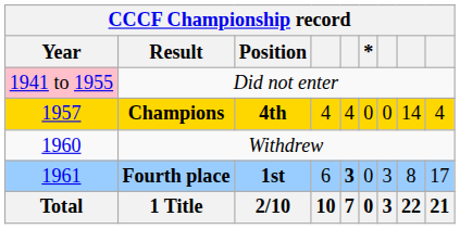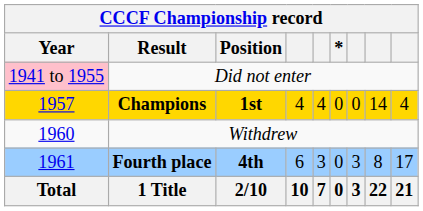 <table class="wikitable" style="text-align: center;">
 <tr>
 <th colspan=9><a href='#'>CCCF Championship</a> record</th>
 </tr>
 <tr>
 <th>Year</th>
 <th>Result</th>
 <th>Position</th>
 <th></th>
 <th></th>
 <th>*</th>
 <th></th>
 <th></th>
 <th></th>
 </tr>
 <tr>
 <td style="background: pink;"><a href='#'>1941</a> to <a href='#'>1955</a></td>
 <td colspan=8><em>Did not enter</em></td>
 </tr>
 <tr style="background:gold;">
 <td> <a href='#'>1957</a></td>
 <td><strong>Champions</strong></td>
-<td><strong>4th</strong></td>
+<td><strong>1st</strong></td>
 <td>4</td>
 <td>4</td>
 <td>0</td>
 <td>0</td>
 <td>14</td>
 <td>4</td>
 </tr>
 <tr>
 <td> <a href='#'>1960</a></td>
 <td colspan=8><em>Withdrew</em></td>
 </tr>
 <tr style="background:#9acdff">
 <td> <a href='#'>1961</a></td>
 <td><strong>Fourth place</strong></td>
-<td><strong>1st</strong></td>
+<td><strong>4th</strong></td>
 <td>6</td>
-<td><strong>3</strong></td>
+<td>3</td>
 <td>0</td>
 <td>3</td>
 <td>8</td>
 <td>17</td>
 </tr>
 <tr>
 <th>Total</th>
 <th>1 Title</th>
 <th>2/10</th>
 <th>10</th>
 <th>7</th>
 <th>0</th>
 <th>3</th>
 <th>22</th>
 <th>21</th>
 </tr>
 </table>
